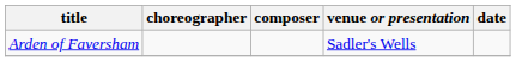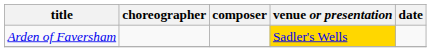 <table class="wikitable sortable">
 <tr>
 <th>title</th>
 <th>choreographer</th>
 <th>composer</th>
 <th>venue <em>or presentation</em></th>
 <th>date</th>
 </tr>
 <tr>
 <td><em><a href='#'>Arden of Faversham</a></em></td>
 <td></td>
 <td></td>
-<td><a href='#'>Sadler's Wells</a></td>
+<td style="background: gold;"><a href='#'>Sadler's Wells</a></td>
 <td></td>
 </tr>
 <tr>
 </tr>
 </table>
